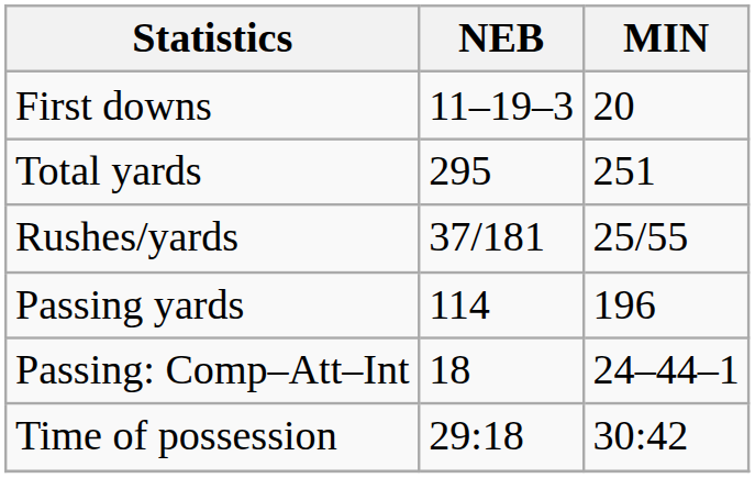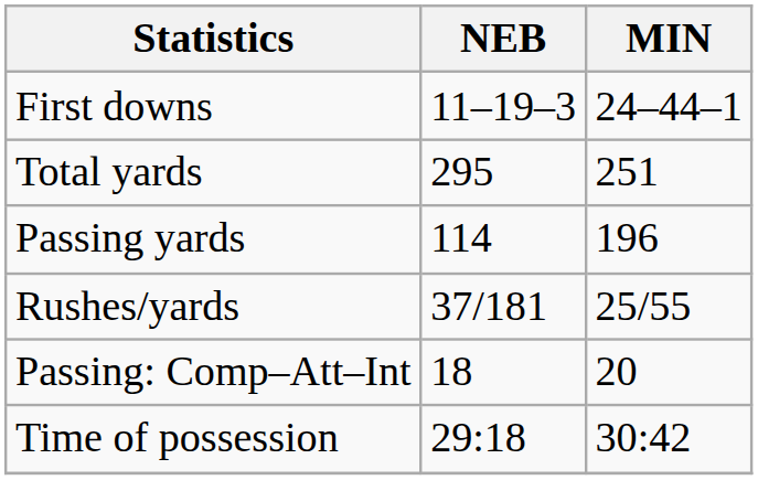 <table class="wikitable" style="float: left;">
 <tr>
 <th>Statistics</th>
 <th>NEB</th>
 <th>MIN</th>
 </tr>
 <tr>
 <td>First downs</td>
 <td>11–19–3</td>
-<td>20</td>
+<td>24–44–1</td>
 </tr>
 <tr>
 <td>Total yards</td>
 <td>295</td>
 <td>251</td>
 </tr>
 <tr>
+<td>Passing yards</td>
+<td>114</td>
+<td>196</td>
+</tr>
+<tr>
 <td>Rushes/yards</td>
 <td>37/181</td>
 <td>25/55</td>
 </tr>
 <tr>
-<td>Passing yards</td>
-<td>114</td>
-<td>196</td>
-</tr>
-<tr>
 <td>Passing: Comp–Att–Int</td>
 <td>18</td>
-<td>24–44–1</td>
+<td>20</td>
 </tr>
 <tr>
 <td>Time of possession</td>
 <td>29:18</td>
 <td>30:42</td>
 </tr>
 <tr>
 </tr>
 </table>
